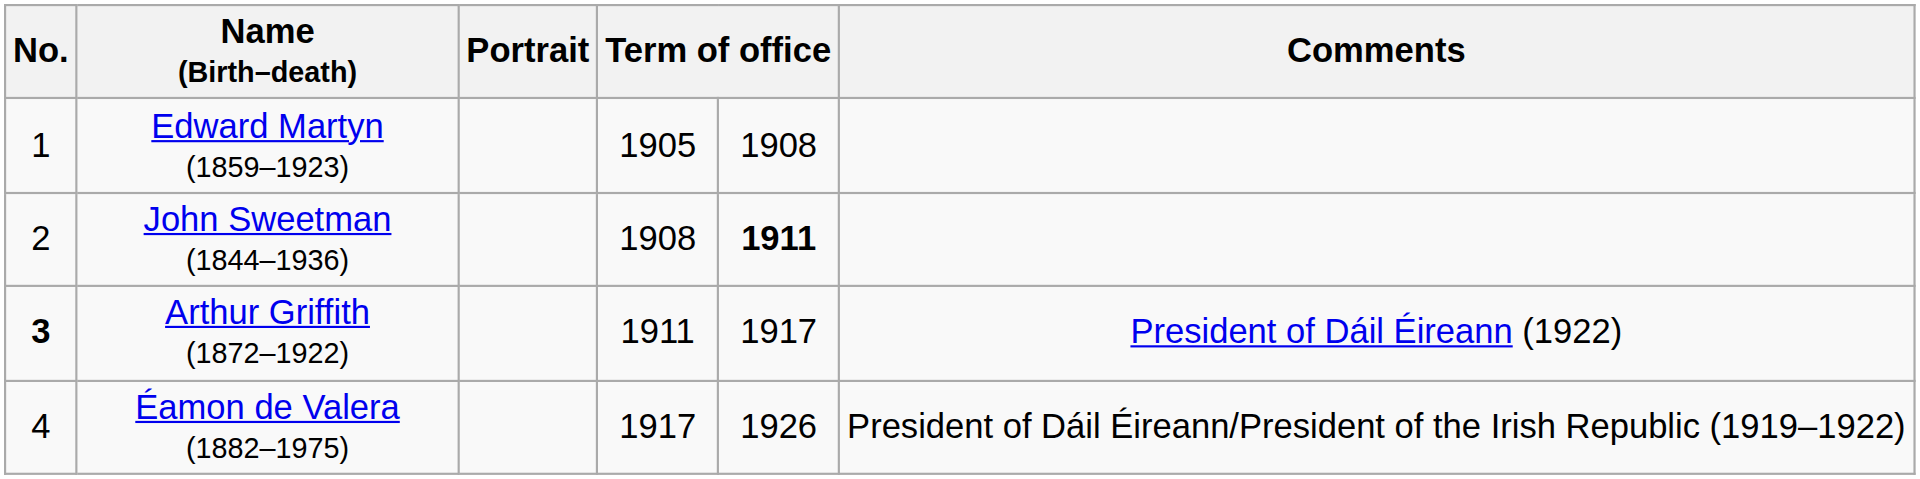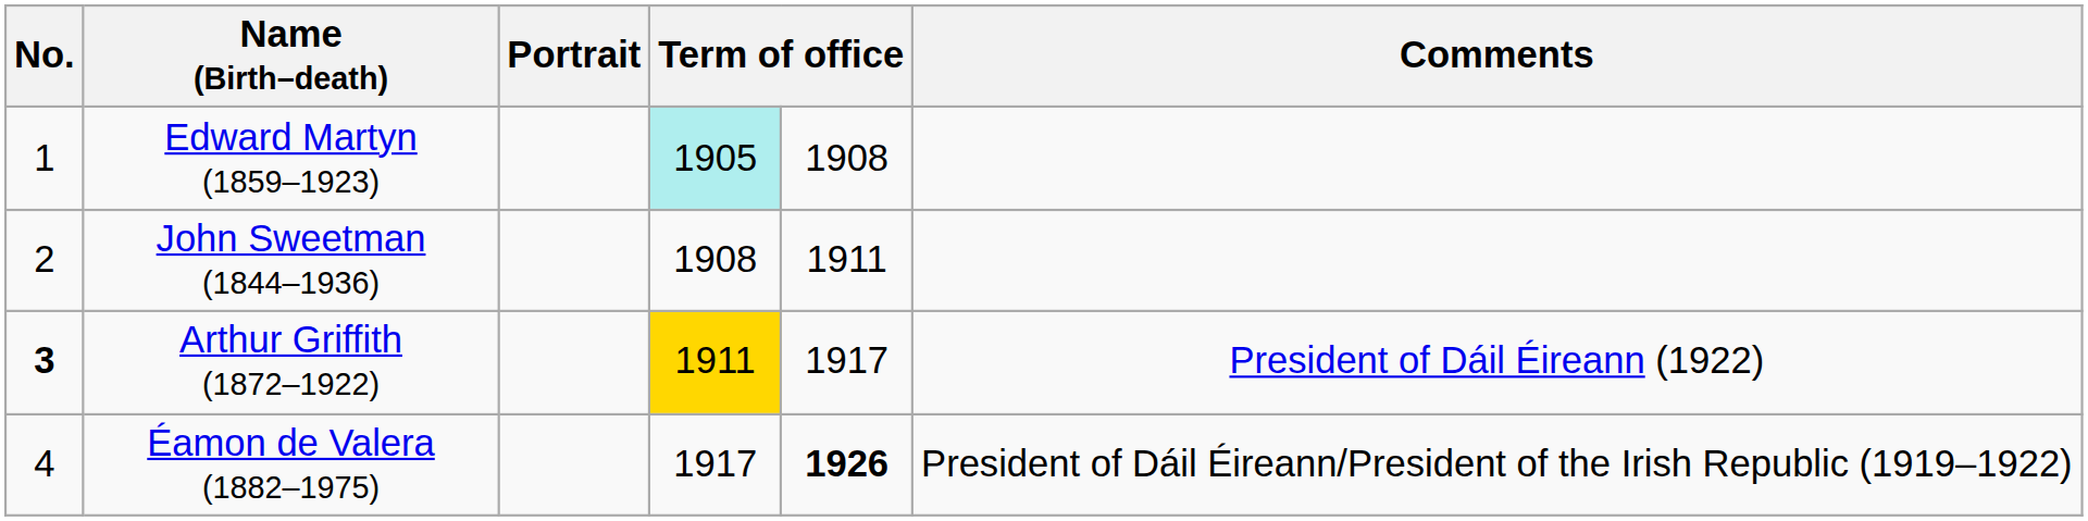 <table class="wikitable" style="text-align:center">
 <tr>
 <th>No.</th>
 <th width=20%>Name<br><small>(Birth–death)</small></th>
 <th>Portrait</th>
 <th colspan="2">Term of office</th>
 <th>Comments</th>
 </tr>
 <tr>
 <td>1</td>
 <td><a href='#'>Edward Martyn</a><br><small>(1859–1923)</small></td>
 <td></td>
-<td>1905</td>
+<td style="background: paleturquoise;">1905</td>
 <td>1908</td>
 <td></td>
 </tr>
 <tr>
 <td>2</td>
 <td><a href='#'>John Sweetman</a><br><small>(1844–1936)</small></td>
 <td></td>
 <td>1908</td>
-<td><strong>1911</strong></td>
+<td>1911</td>
 <td></td>
 </tr>
 <tr>
 <td><strong>3</strong></td>
 <td><a href='#'>Arthur Griffith</a><br><small>(1872–1922)</small></td>
 <td></td>
-<td>1911</td>
+<td style="background: gold;">1911</td>
 <td>1917</td>
 <td><a href='#'>President of Dáil Éireann</a> (1922)</td>
 </tr>
 <tr>
 <td>4</td>
 <td><a href='#'>Éamon de Valera</a><br><small>(1882–1975)</small></td>
 <td></td>
 <td>1917</td>
-<td>1926</td>
+<td><strong>1926</strong></td>
 <td>President of Dáil Éireann/President of the Irish Republic (1919–1922)</td>
 </tr>
 </table>
